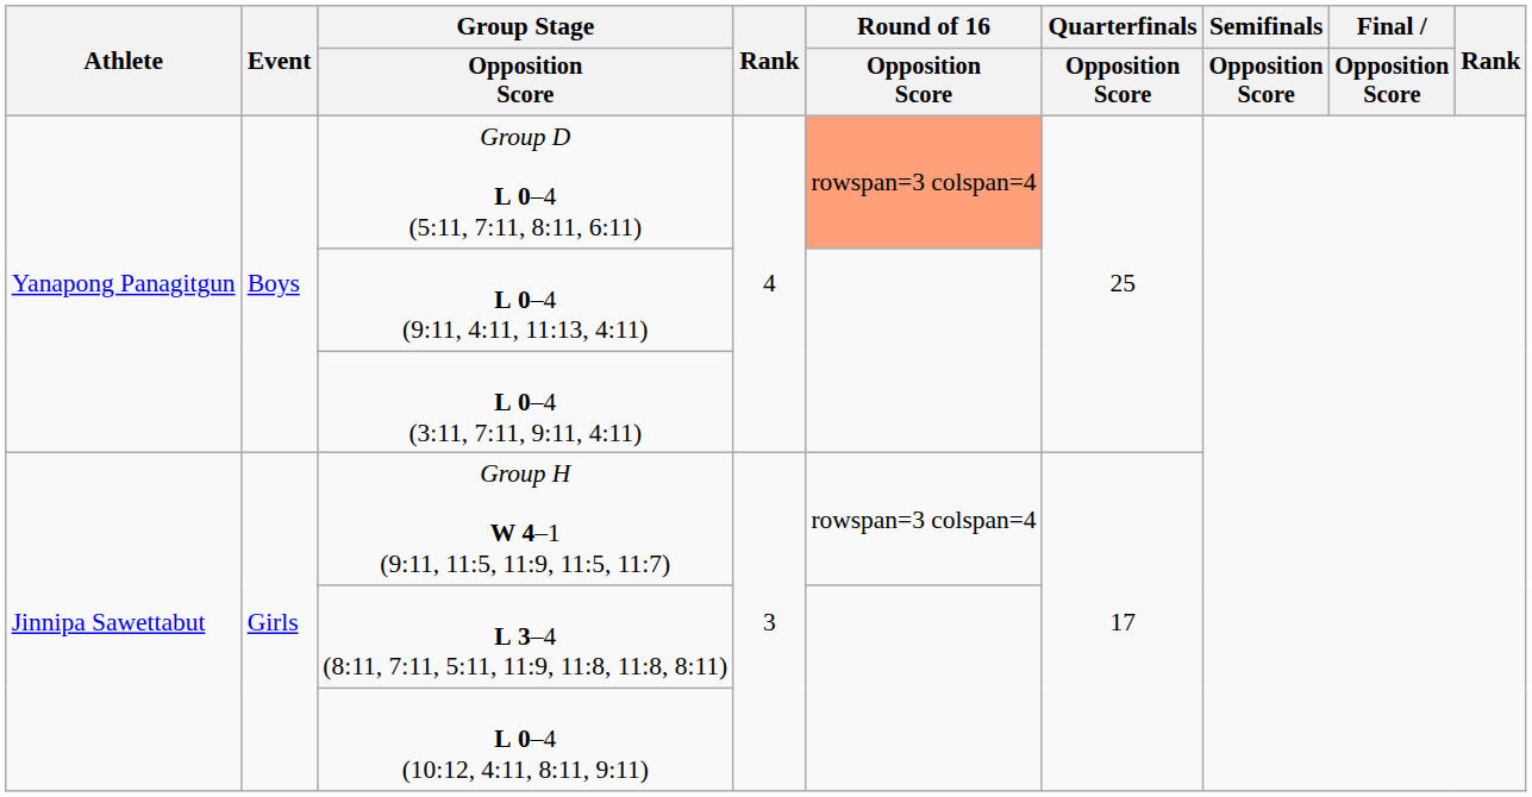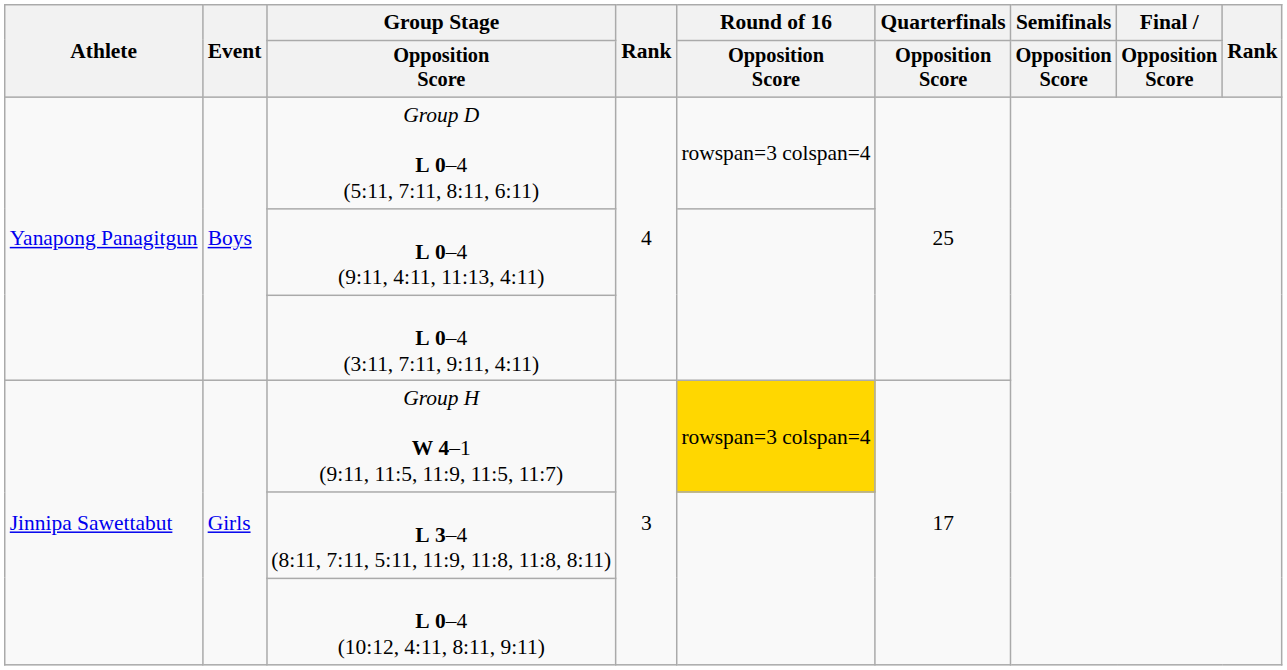 <table class=wikitable style="font-size:90%">
 <tr>
 <th rowspan="2">Athlete</th>
 <th rowspan="2">Event</th>
 <th>Group Stage</th>
 <th rowspan="2">Rank</th>
 <th>Round of 16</th>
 <th>Quarterfinals</th>
 <th>Semifinals</th>
 <th>Final / </th>
 <th rowspan=2>Rank</th>
 </tr>
 <tr style="font-size:95%">
 <th>Opposition<br>Score</th>
 <th>Opposition<br>Score</th>
 <th>Opposition<br>Score</th>
 <th>Opposition<br>Score</th>
 <th>Opposition<br>Score</th>
 </tr>
 <tr align=center>
 <td align=left rowspan=3><a href='#'>Yanapong Panagitgun</a></td>
 <td align=left rowspan=3><a href='#'>Boys</a></td>
 <td><em>Group D</em><br><br> <strong>L</strong> <strong>0</strong>–4 <br>(5:11, 7:11, 8:11, 6:11)</td>
 <td rowspan=3>4</td>
-<td style="background: lightsalmon;">rowspan=3 colspan=4 </td>
+<td>rowspan=3 colspan=4 </td>
 <td rowspan=3>25</td>
 </tr>
 <tr align=center>
 <td><br> <strong>L</strong> <strong>0</strong>–4 <br>(9:11, 4:11, 11:13, 4:11)</td>
 </tr>
 <tr align=center>
 <td><br> <strong>L</strong> <strong>0</strong>–4 <br>(3:11, 7:11, 9:11, 4:11)</td>
 </tr>
 <tr align=center>
 <td align=left rowspan=3><a href='#'>Jinnipa Sawettabut</a></td>
 <td align=left rowspan=3><a href='#'>Girls</a></td>
 <td><em>Group H</em><br><br> <strong>W</strong> <strong>4</strong>–1 <br>(9:11, 11:5, 11:9, 11:5, 11:7)</td>
 <td rowspan=3>3</td>
-<td>rowspan=3 colspan=4 </td>
+<td style="background: gold;">rowspan=3 colspan=4 </td>
 <td rowspan=3>17</td>
 </tr>
 <tr align=center>
 <td><br> <strong>L</strong> <strong>3</strong>–4 <br>(8:11, 7:11, 5:11, 11:9, 11:8, 11:8, 8:11)</td>
 </tr>
 <tr align=center>
 <td><br> <strong>L</strong> <strong>0</strong>–4 <br>(10:12, 4:11, 8:11, 9:11)</td>
 </tr>
 </table>
